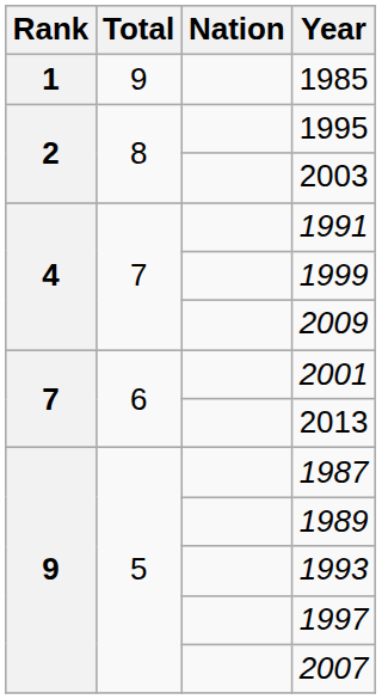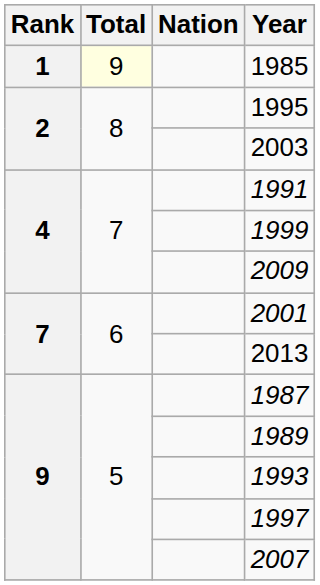 <table class="wikitable">
 <tr>
 <th>Rank</th>
 <th>Total</th>
 <th>Nation</th>
 <th>Year</th>
 </tr>
 <tr>
 <th>1</th>
-<td style="text-align:center;">9</td>
+<td style="background: lightyellow; text-align:center;">9</td>
 <td><em></em></td>
 <td style="text-align:center;">1985</td>
 </tr>
 <tr>
 <th rowspan="2">2</th>
 <td rowspan="2" style="text-align:center;">8</td>
 <td></td>
 <td style="text-align:center;">1995</td>
 </tr>
 <tr>
 <td><em></em></td>
 <td style="text-align:center;">2003</td>
 </tr>
 <tr>
 <th rowspan="3">4</th>
 <td rowspan="3" style="text-align:center;">7</td>
 <td><em></em></td>
 <td style="text-align:center;"><em>1991</em></td>
 </tr>
 <tr>
 <td></td>
 <td style="text-align:center;"><em>1999</em></td>
 </tr>
 <tr>
 <td><em></em></td>
 <td style="text-align:center;"><em>2009</em></td>
 </tr>
 <tr>
 <th rowspan="2">7</th>
 <td rowspan="2" style="text-align:center;">6</td>
 <td></td>
 <td style="text-align:center;"><em>2001</em></td>
 </tr>
 <tr>
 <td><em></em></td>
 <td style="text-align:center;">2013</td>
 </tr>
 <tr>
 <th rowspan="5">9</th>
 <td rowspan="5" style="text-align:center;">5</td>
 <td></td>
 <td style="text-align:center;"><em>1987</em></td>
 </tr>
 <tr>
 <td></td>
 <td style="text-align:center;"><em>1989</em></td>
 </tr>
 <tr>
 <td></td>
 <td style="text-align:center;"><em>1993</em></td>
 </tr>
 <tr>
 <td></td>
 <td style="text-align:center;"><em>1997</em></td>
 </tr>
 <tr>
 <td></td>
 <td style="text-align:center;"><em>2007</em></td>
 </tr>
 </table>
